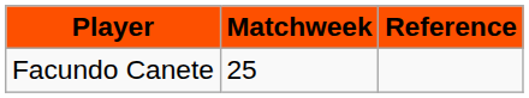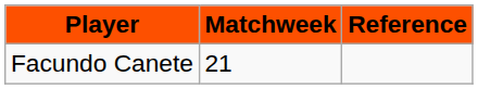 <table class=wikitable>
 <tr>
 <th style="background:#FD5000; color:#000000;">Player</th>
 <th style="background:#FD5000; color:#000000;">Matchweek</th>
 <th style="background:#FD5000; color:#000000;">Reference</th>
 </tr>
 <tr>
 <td align=center> Facundo Canete</td>
-<td>25</td>
+<td>21</td>
 <td></td>
 </tr>
 </table>
